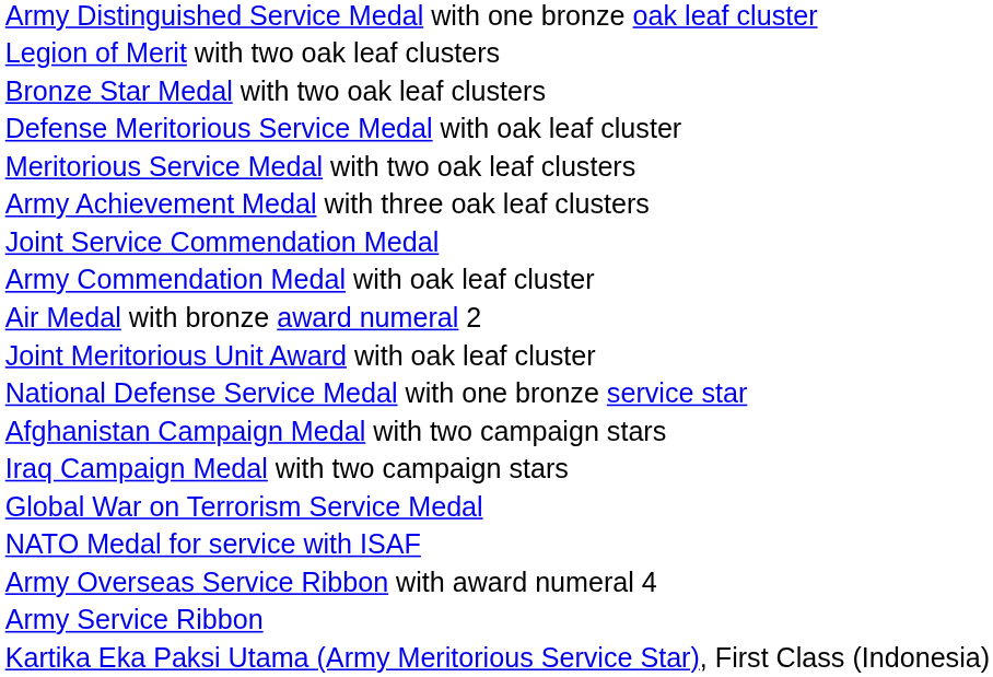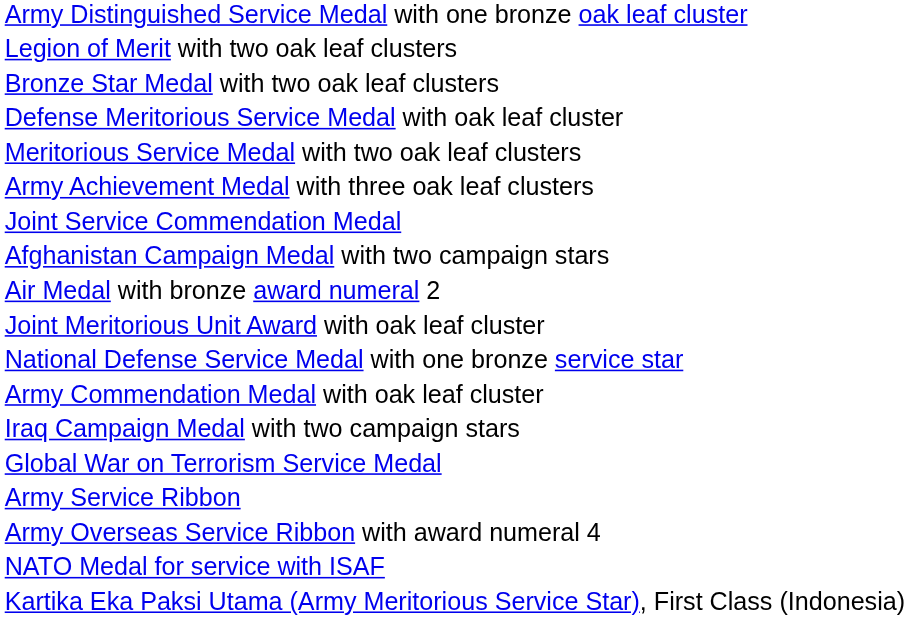 <table>
 <tr>
 <td> <a href='#'>Army Distinguished Service Medal</a> with one bronze <a href='#'>oak leaf cluster</a></td>
 </tr>
 <tr>
 <td> <a href='#'>Legion of Merit</a> with two oak leaf clusters</td>
 </tr>
 <tr>
 <td> <a href='#'>Bronze Star Medal</a> with two oak leaf clusters</td>
 </tr>
 <tr>
 <td> <a href='#'>Defense Meritorious Service Medal</a> with oak leaf cluster</td>
 </tr>
 <tr>
 <td> <a href='#'>Meritorious Service Medal</a> with two oak leaf clusters</td>
 </tr>
 <tr>
 <td> <a href='#'>Army Achievement Medal</a> with three oak leaf clusters</td>
 </tr>
 <tr>
 <td> <a href='#'>Joint Service Commendation Medal</a></td>
 </tr>
 <tr>
-<td> <a href='#'>Army Commendation Medal</a> with oak leaf cluster</td>
+<td> <a href='#'>Afghanistan Campaign Medal</a> with two campaign stars</td>
 </tr>
 <tr>
 <td><span></span> <a href='#'>Air Medal</a> with bronze <a href='#'>award numeral</a> 2</td>
 </tr>
 <tr>
 <td> <a href='#'>Joint Meritorious Unit Award</a> with oak leaf cluster</td>
 </tr>
 <tr>
 <td> <a href='#'>National Defense Service Medal</a> with one bronze <a href='#'>service star</a></td>
 </tr>
 <tr>
-<td> <a href='#'>Afghanistan Campaign Medal</a> with two campaign stars</td>
+<td> <a href='#'>Army Commendation Medal</a> with oak leaf cluster</td>
 </tr>
 <tr>
 <td> <a href='#'>Iraq Campaign Medal</a> with two campaign stars</td>
 </tr>
 <tr>
 <td> <a href='#'>Global War on Terrorism Service Medal</a></td>
 </tr>
 <tr>
-<td> <a href='#'>NATO Medal for service with ISAF</a></td>
+<td> <a href='#'>Army Service Ribbon</a></td>
 </tr>
 <tr>
 <td><span></span> <a href='#'>Army Overseas Service Ribbon</a> with award numeral 4</td>
 </tr>
 <tr>
-<td> <a href='#'>Army Service Ribbon</a></td>
+<td> <a href='#'>NATO Medal for service with ISAF</a></td>
 </tr>
 <tr>
 <td> <a href='#'>Kartika Eka Paksi Utama (Army Meritorious Service Star)</a>, First Class (Indonesia)</td>
 </tr>
 </table>
